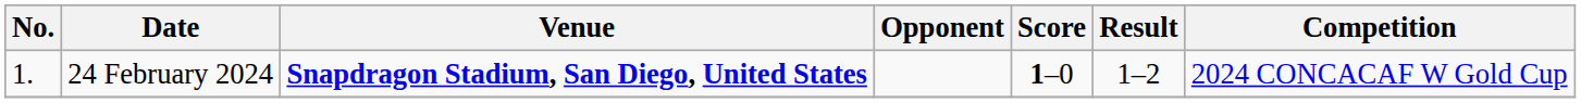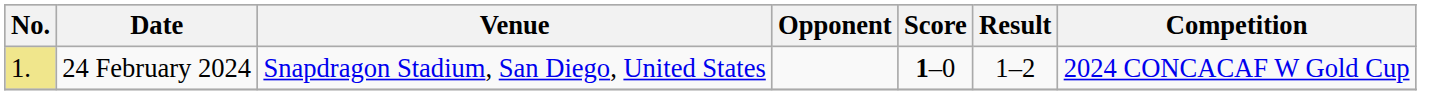 <table class="wikitable">
 <tr>
 <th>No.</th>
 <th>Date</th>
 <th>Venue</th>
 <th>Opponent</th>
 <th>Score</th>
 <th>Result</th>
 <th>Competition</th>
 </tr>
 <tr>
-<td>1.</td>
+<td style="background: khaki;">1.</td>
 <td>24 February 2024</td>
-<td><strong><a href='#'>Snapdragon Stadium</a>, <a href='#'>San Diego</a>, <a href='#'>United States</a></strong></td>
+<td><a href='#'>Snapdragon Stadium</a>, <a href='#'>San Diego</a>, <a href='#'>United States</a></td>
 <td></td>
 <td align=center><strong>1</strong>–0</td>
 <td align=center>1–2</td>
 <td><a href='#'>2024 CONCACAF W Gold Cup</a></td>
 </tr>
 <tr>
 </tr>
 </table>
